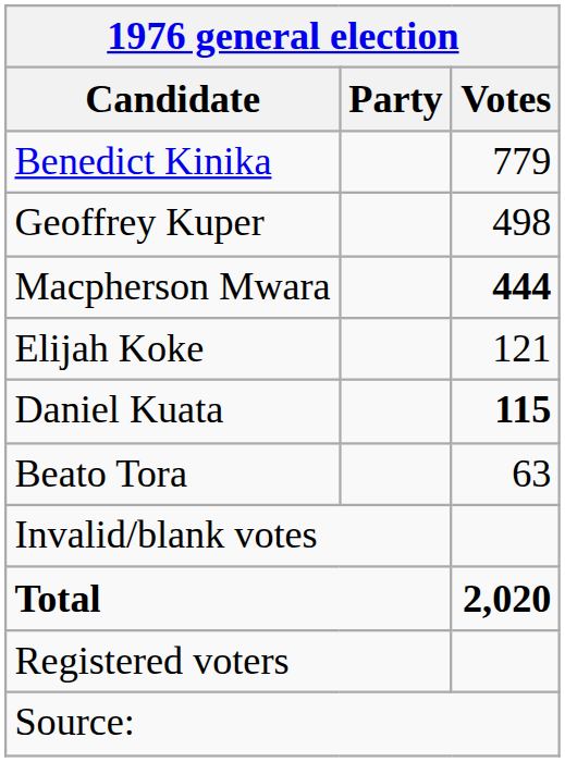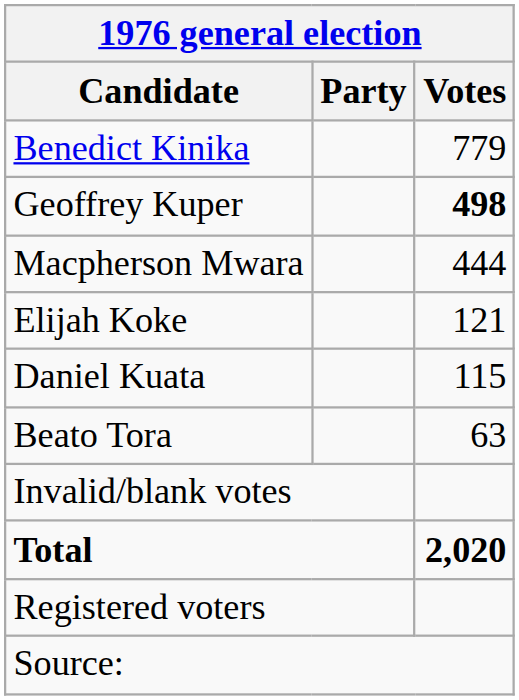 <table class=wikitable style=text-align:left>
 <tr>
 <th colspan=3><a href='#'>1976 general election</a></th>
 </tr>
 <tr>
 <th>Candidate</th>
 <th>Party</th>
 <th>Votes</th>
 </tr>
 <tr>
 <td><a href='#'>Benedict Kinika</a></td>
 <td></td>
 <td align=right>779</td>
 </tr>
 <tr>
 <td>Geoffrey Kuper</td>
 <td></td>
-<td align=right>498</td>
+<td align=right><strong>498</strong></td>
 </tr>
 <tr>
 <td>Macpherson Mwara</td>
 <td></td>
-<td align=right><strong>444</strong></td>
+<td align=right>444</td>
 </tr>
 <tr>
 <td>Elijah Koke</td>
 <td></td>
 <td align=right>121</td>
 </tr>
 <tr>
 <td>Daniel Kuata</td>
 <td></td>
-<td align=right><strong>115</strong></td>
+<td align=right>115</td>
 </tr>
 <tr>
 <td>Beato Tora</td>
 <td></td>
 <td align=right>63</td>
 </tr>
 <tr>
 <td colspan=2>Invalid/blank votes</td>
 <td></td>
 </tr>
 <tr>
 <td colspan=2><strong>Total</strong></td>
 <td align=right><strong>2,020</strong></td>
 </tr>
 <tr>
 <td colspan=2>Registered voters</td>
 <td align=right></td>
 </tr>
 <tr>
 <td colspan=3>Source: </td>
 </tr>
 </table>
